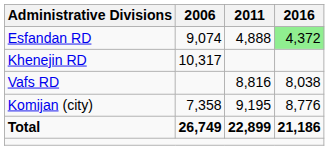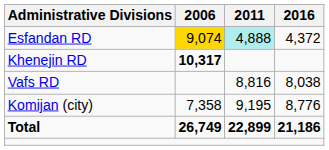 <table class="wikitable">
 <tr>
 <th>Administrative Divisions</th>
 <th>2006</th>
 <th>2011</th>
 <th>2016</th>
 </tr>
 <tr>
 <td><a href='#'>Esfandan RD</a></td>
-<td style="text-align: right;">9,074</td>
-<td style="text-align: right;">4,888</td>
-<td style="background: lightgreen; text-align: right;">4,372</td>
+<td style="background: gold; text-align: right;">9,074</td>
+<td style="background: paleturquoise; text-align: right;">4,888</td>
+<td style="text-align: right;">4,372</td>
 </tr>
 <tr>
 <td><a href='#'>Khenejin RD</a></td>
-<td style="text-align: right;">10,317</td>
+<td style="text-align: right;"><strong>10,317</strong></td>
 <td style="text-align: right;"></td>
 <td style="text-align: right;"></td>
 </tr>
 <tr>
 <td><a href='#'>Vafs RD</a></td>
 <td style="text-align: right;"></td>
 <td style="text-align: right;">8,816</td>
 <td style="text-align: right;">8,038</td>
 </tr>
 <tr>
 <td><a href='#'>Komijan</a> (city)</td>
 <td style="text-align: right;">7,358</td>
 <td style="text-align: right;">9,195</td>
 <td style="text-align: right;">8,776</td>
 </tr>
 <tr>
 <td><strong>Total</strong></td>
 <td style="text-align: right;"><strong>26,749</strong></td>
 <td style="text-align: right;"><strong>22,899</strong></td>
 <td style="text-align: right;"><strong>21,186</strong></td>
 </tr>
 <tr>
 <td colspan=4></td>
 </tr>
 </table>
